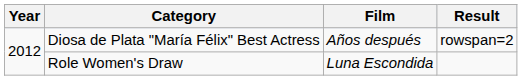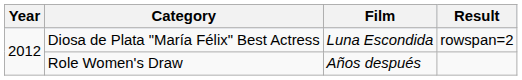 <table class="wikitable">
 <tr style="background:#b0c4de;">
 <th>Year</th>
 <th>Category</th>
 <th>Film</th>
 <th>Result</th>
 </tr>
 <tr>
 <td rowspan=2>2012</td>
 <td>Diosa de Plata "María Félix" Best Actress</td>
-<td><em>Años después</em></td>
+<td><em>Luna Escondida</em></td>
 <td>rowspan=2  </td>
 </tr>
 <tr>
 <td>Role Women's Draw</td>
-<td><em>Luna Escondida</em></td>
+<td><em>Años después</em></td>
 </tr>
 </table>
